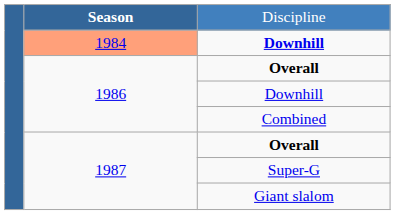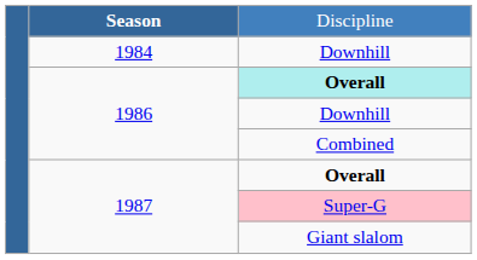 <table class="wikitable"  style="font-size:95%; text-align:center; border:gray solid 1px; width:30%;">
 <tr style="background:#369; color:white;">
 <td rowspan="22" style="width:1%;"></td>
 <td rowspan="2" style="width:10%;"><strong>Season</strong></td>
 </tr>
 <tr style="background:#4180be; color:white;">
 <td style="width:10%;">Discipline</td>
 </tr>
 <tr>
-<td style="background: lightsalmon;"><a href='#'>1984</a></td>
-<td><strong><a href='#'>Downhill</a></strong></td>
+<td><a href='#'>1984</a></td>
+<td><a href='#'>Downhill</a></td>
 </tr>
 <tr>
 <td rowspan="3"><a href='#'>1986</a></td>
-<td><strong>Overall</strong></td>
+<td style="background: paleturquoise;"><strong>Overall</strong></td>
 </tr>
 <tr>
 <td><a href='#'>Downhill</a></td>
 </tr>
 <tr>
 <td><a href='#'>Combined</a></td>
 </tr>
 <tr>
 <td rowspan="3"><a href='#'>1987</a></td>
 <td><strong>Overall</strong></td>
 </tr>
 <tr>
-<td><a href='#'>Super-G</a></td>
+<td style="background: pink;"><a href='#'>Super-G</a></td>
 </tr>
 <tr>
 <td><a href='#'>Giant slalom</a></td>
 </tr>
 </table>
